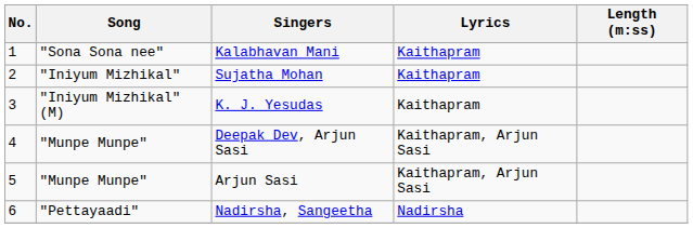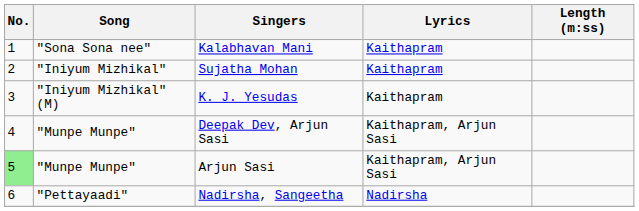 <table class="wikitable" style="font-size:95%;">
 <tr>
 <th>No.</th>
 <th>Song</th>
 <th>Singers</th>
 <th>Lyrics</th>
 <th>Length (m:ss)</th>
 </tr>
 <tr>
 <td>1</td>
 <td>"Sona Sona nee"</td>
 <td><a href='#'>Kalabhavan Mani</a></td>
 <td><a href='#'>Kaithapram</a></td>
 <td></td>
 </tr>
 <tr>
 <td>2</td>
 <td>"Iniyum Mizhikal"</td>
 <td><a href='#'>Sujatha Mohan</a></td>
 <td><a href='#'>Kaithapram</a></td>
 <td></td>
 </tr>
 <tr>
 <td>3</td>
 <td>"Iniyum Mizhikal" (M)</td>
 <td><a href='#'>K. J. Yesudas</a></td>
 <td>Kaithapram</td>
 <td></td>
 </tr>
 <tr>
 <td>4</td>
 <td>"Munpe Munpe"</td>
 <td><a href='#'>Deepak Dev</a>, Arjun Sasi</td>
 <td>Kaithapram, Arjun Sasi</td>
 <td></td>
 </tr>
 <tr>
-<td>5</td>
+<td style="background: lightgreen;">5</td>
 <td>"Munpe Munpe"</td>
 <td>Arjun Sasi</td>
 <td>Kaithapram, Arjun Sasi</td>
 <td></td>
 </tr>
 <tr>
 <td>6</td>
 <td>"Pettayaadi"</td>
 <td><a href='#'>Nadirsha</a>, <a href='#'>Sangeetha</a></td>
 <td><a href='#'>Nadirsha</a></td>
 <td></td>
 </tr>
 <tr>
 </tr>
 </table>
